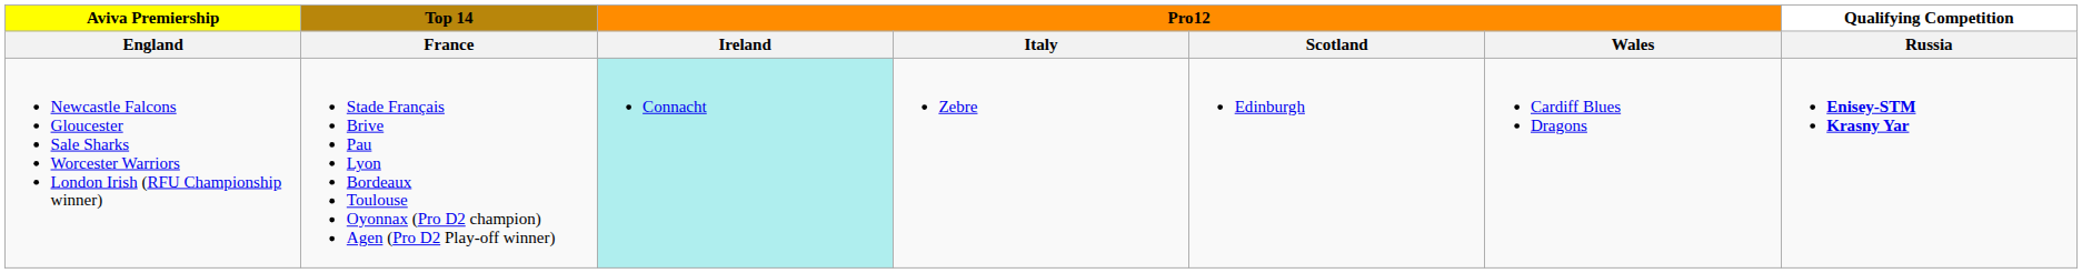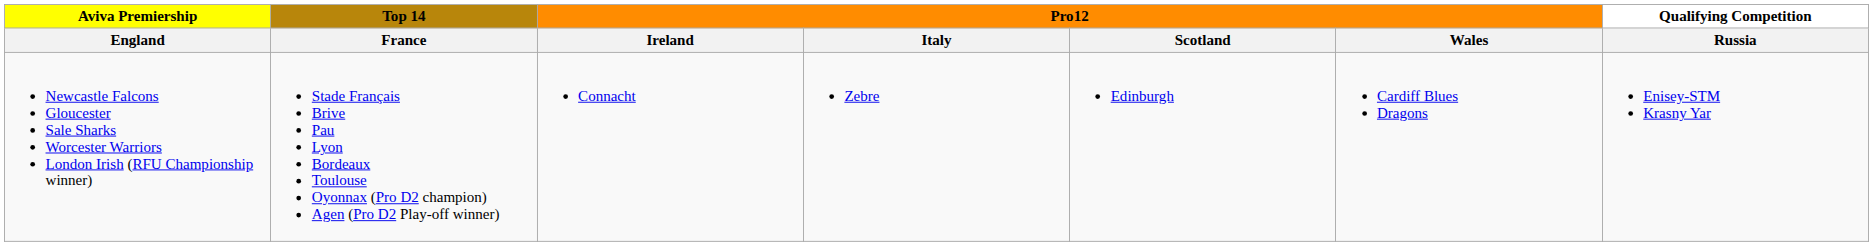 <table class="wikitable" style="width:100%;">
 <tr>
 <th style="background: #ffff00;">Aviva Premiership</th>
 <th style="background: #b8860b;">Top 14</th>
 <th colspan="4" style="background: #ff8c00;">Pro12</th>
 <th style="background: #ffffff;">Qualifying Competition</th>
 </tr>
 <tr>
 <th width=14%> England</th>
 <th width=14%> France</th>
 <th width=14%> Ireland</th>
 <th width=14%> Italy</th>
 <th width=14%> Scotland</th>
 <th width=14%> Wales</th>
 <th width=14%> Russia</th>
 </tr>
 <tr valign=top>
 <td><br><ul><li><a href='#'>Newcastle Falcons</a></li><li><a href='#'>Gloucester</a></li><li><a href='#'>Sale Sharks</a></li><li><a href='#'>Worcester Warriors</a></li><li><a href='#'>London Irish</a> (<a href='#'>RFU Championship</a> winner)</li></ul></td>
 <td><br><ul><li><a href='#'>Stade Français</a></li><li><a href='#'>Brive</a></li><li><a href='#'>Pau</a></li><li><a href='#'>Lyon</a></li><li><a href='#'>Bordeaux</a></li><li><a href='#'>Toulouse</a></li><li><a href='#'>Oyonnax</a> (<a href='#'>Pro D2</a> champion)</li><li><a href='#'>Agen</a> (<a href='#'>Pro D2</a> Play-off winner)</li></ul></td>
-<td style="background: paleturquoise;"><br><ul><li><a href='#'>Connacht</a></li></ul></td>
+<td><br><ul><li><a href='#'>Connacht</a></li></ul></td>
 <td><br><ul><li><a href='#'>Zebre</a></li></ul></td>
 <td><br><ul><li><a href='#'>Edinburgh</a></li></ul></td>
 <td><br><ul><li><a href='#'>Cardiff Blues</a></li><li><a href='#'>Dragons</a></li></ul></td>
-<td><strong><br><ul><li><a href='#'>Enisey-STM</a></li><li><a href='#'>Krasny Yar</a></li></ul></strong></td>
+<td><br><ul><li><a href='#'>Enisey-STM</a></li><li><a href='#'>Krasny Yar</a></li></ul></td>
 </tr>
 </table>
